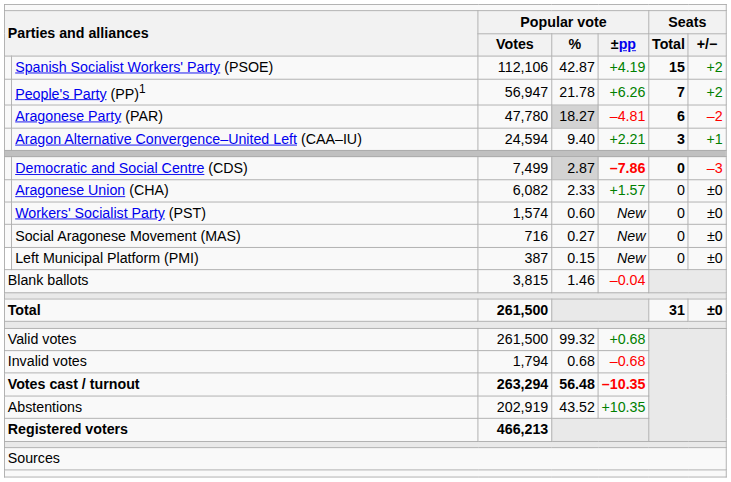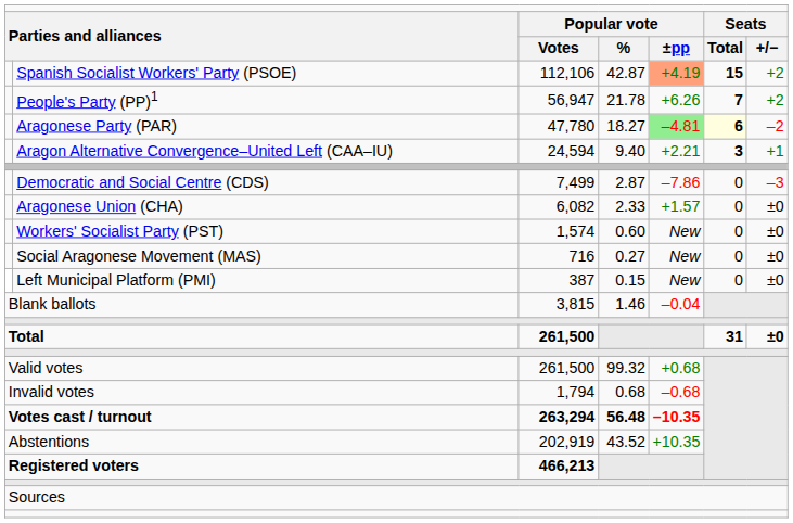 <table class="wikitable" style="text-align:right;">
 <tr>
 <td colspan="7"></td>
 </tr>
 <tr>
 <th style="text-align:left;" rowspan="2" colspan="2" width="525">Parties and alliances</th>
 <th colspan="3">Popular vote</th>
 <th colspan="2">Seats</th>
 </tr>
 <tr>
 <th width="75">Votes</th>
 <th width="45">%</th>
 <th width="45">±<a href='#'>pp</a></th>
 <th width="35">Total</th>
 <th width="35">+/−</th>
 </tr>
 <tr>
 <td width="1" style="color:inherit;background:"></td>
 <td align="left"><a href='#'>Spanish Socialist Workers' Party</a> (PSOE)</td>
 <td>112,106</td>
 <td>42.87</td>
-<td style="color:green;">+4.19</td>
+<td style="background: lightsalmon; color:green;">+4.19</td>
 <td><strong>15</strong></td>
 <td style="color:green;">+2</td>
 </tr>
 <tr>
 <td style="color:inherit;background:"></td>
 <td align="left"><a href='#'>People's Party</a> (PP)<sup>1</sup></td>
 <td>56,947</td>
 <td>21.78</td>
 <td style="color:green;">+6.26</td>
 <td><strong>7</strong></td>
 <td style="color:green;">+2</td>
 </tr>
 <tr>
 <td style="color:inherit;background:"></td>
 <td align="left"><a href='#'>Aragonese Party</a> (PAR)</td>
 <td>47,780</td>
-<td style="background: lightgrey;">18.27</td>
-<td style="color:red;">–4.81</td>
-<td><strong>6</strong></td>
+<td>18.27</td>
+<td style="background: lightgreen; color:red;">–4.81</td>
+<td style="background: lightyellow;"><strong>6</strong></td>
 <td style="color:red;">–2</td>
 </tr>
 <tr>
 <td style="color:inherit;background:"></td>
 <td align="left"><a href='#'>Aragon Alternative Convergence–United Left</a> (CAA–IU)</td>
 <td>24,594</td>
 <td>9.40</td>
 <td style="color:green;">+2.21</td>
 <td><strong>3</strong></td>
 <td style="color:green;">+1</td>
 </tr>
 <tr>
 <td colspan="7" bgcolor="#C0C0C0"></td>
 </tr>
 <tr>
 <td style="color:inherit;background:"></td>
 <td align="left"><a href='#'>Democratic and Social Centre</a> (CDS)</td>
 <td>7,499</td>
-<td style="background: lightgrey;">2.87</td>
-<td style="color:red;"><strong>–7.86</strong></td>
-<td><strong>0</strong></td>
+<td>2.87</td>
+<td style="color:red;">–7.86</td>
+<td>0</td>
 <td style="color:red;">–3</td>
 </tr>
 <tr>
 <td style="color:inherit;background:"></td>
 <td align="left"><a href='#'>Aragonese Union</a> (CHA)</td>
 <td>6,082</td>
 <td>2.33</td>
 <td style="color:green;">+1.57</td>
 <td>0</td>
 <td>±0</td>
 </tr>
 <tr>
 <td style="color:inherit;background:"></td>
 <td align="left"><a href='#'>Workers' Socialist Party</a> (PST)</td>
 <td>1,574</td>
 <td>0.60</td>
 <td><em>New</em></td>
 <td>0</td>
 <td>±0</td>
 </tr>
 <tr>
 <td style="color:inherit;background:"></td>
 <td align="left">Social Aragonese Movement (MAS)</td>
 <td>716</td>
 <td>0.27</td>
 <td><em>New</em></td>
 <td>0</td>
 <td>±0</td>
 </tr>
 <tr>
 <td bgcolor="white"></td>
 <td align="left">Left Municipal Platform (PMI)</td>
 <td>387</td>
 <td>0.15</td>
 <td><em>New</em></td>
 <td>0</td>
 <td>±0</td>
 </tr>
 <tr>
 <td align="left" colspan="2">Blank ballots</td>
 <td>3,815</td>
 <td>1.46</td>
 <td style="color:red;">–0.04</td>
 <td bgcolor="#E9E9E9" colspan="2"></td>
 </tr>
 <tr>
 <td colspan="7" bgcolor="#E9E9E9"></td>
 </tr>
 <tr style="font-weight:bold;">
 <td align="left" colspan="2">Total</td>
 <td>261,500</td>
 <td bgcolor="#E9E9E9" colspan="2"></td>
 <td>31</td>
 <td>±0</td>
 </tr>
 <tr>
 <td colspan="7" bgcolor="#E9E9E9"></td>
 </tr>
 <tr>
 <td align="left" colspan="2">Valid votes</td>
 <td>261,500</td>
 <td>99.32</td>
 <td style="color:green;">+0.68</td>
 <td bgcolor="#E9E9E9" colspan="2" rowspan="5"></td>
 </tr>
 <tr>
 <td align="left" colspan="2">Invalid votes</td>
 <td>1,794</td>
 <td>0.68</td>
 <td style="color:red;">–0.68</td>
 </tr>
 <tr style="font-weight:bold;">
 <td align="left" colspan="2">Votes cast / turnout</td>
 <td>263,294</td>
 <td>56.48</td>
 <td style="color:red;">–10.35</td>
 </tr>
 <tr>
 <td align="left" colspan="2">Abstentions</td>
 <td>202,919</td>
 <td>43.52</td>
 <td style="color:green;">+10.35</td>
 </tr>
 <tr style="font-weight:bold;">
 <td align="left" colspan="2">Registered voters</td>
 <td>466,213</td>
 <td bgcolor="#E9E9E9" colspan="2"></td>
 </tr>
 <tr>
 <td colspan="7" bgcolor="#E9E9E9"></td>
 </tr>
 <tr>
 <td align="left" colspan="7">Sources</td>
 </tr>
 <tr>
 <td colspan="7" style="text-align:left; max-width:790px;"></td>
 </tr>
 </table>
